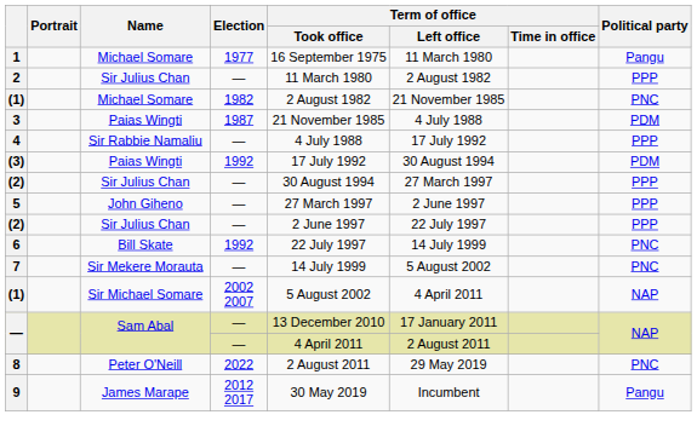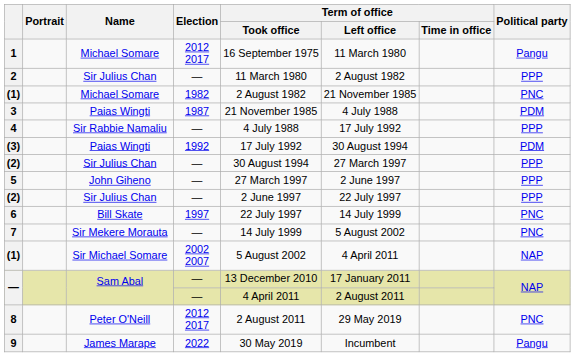 <table class="wikitable" style="text-align:center">
 <tr>
 <th rowspan=2></th>
 <th rowspan=2>Portrait</th>
 <th rowspan=2 width=150>Name<br></th>
 <th rowspan="2">Election</th>
 <th colspan="3">Term of office</th>
 <th rowspan=2>Political party</th>
 </tr>
 <tr>
 <th>Took office</th>
 <th>Left office</th>
 <th>Time in office</th>
 </tr>
 <tr>
 <th style="background:">1</th>
 <td></td>
 <td><a href='#'>Michael Somare</a><br></td>
-<td><a href='#'>1977</a></td>
+<td><a href='#'>2012</a><br><a href='#'>2017</a></td>
 <td>16 September 1975</td>
 <td>11 March 1980</td>
 <td></td>
 <td><a href='#'>Pangu</a></td>
 </tr>
 <tr>
 <th style="background:">2</th>
 <td></td>
 <td><a href='#'>Sir Julius Chan</a><br></td>
 <td>—</td>
 <td>11 March 1980</td>
 <td>2 August 1982</td>
 <td></td>
 <td><a href='#'>PPP</a></td>
 </tr>
 <tr>
 <th style="background:">(1)</th>
 <td></td>
 <td><a href='#'>Michael Somare</a><br></td>
 <td><a href='#'>1982</a></td>
 <td>2 August 1982</td>
 <td>21 November 1985</td>
 <td></td>
 <td><a href='#'>PNC</a></td>
 </tr>
 <tr>
 <th style="background:">3</th>
 <td></td>
 <td><a href='#'>Paias Wingti</a><br></td>
 <td><a href='#'>1987</a></td>
 <td>21 November 1985</td>
 <td>4 July 1988</td>
 <td></td>
 <td><a href='#'>PDM</a></td>
 </tr>
 <tr>
 <th style="background:">4</th>
 <td></td>
 <td><a href='#'>Sir Rabbie Namaliu</a><br></td>
 <td>—</td>
 <td>4 July 1988</td>
 <td>17 July 1992</td>
 <td></td>
 <td><a href='#'>PPP</a></td>
 </tr>
 <tr>
 <th style="background:">(3)</th>
 <td></td>
 <td><a href='#'>Paias Wingti</a><br></td>
 <td><a href='#'>1992</a></td>
 <td>17 July 1992</td>
 <td>30 August 1994</td>
 <td></td>
 <td><a href='#'>PDM</a></td>
 </tr>
 <tr>
 <th style="background:">(2)</th>
 <td></td>
 <td><a href='#'>Sir Julius Chan</a><br></td>
 <td>—</td>
 <td>30 August 1994</td>
 <td>27 March 1997</td>
 <td></td>
 <td><a href='#'>PPP</a></td>
 </tr>
 <tr>
 <th style="background:">5</th>
 <td></td>
 <td><a href='#'>John Giheno</a><br></td>
 <td>—</td>
 <td>27 March 1997</td>
 <td>2 June 1997</td>
 <td></td>
 <td><a href='#'>PPP</a></td>
 </tr>
 <tr>
 <th style="background:">(2)</th>
 <td></td>
 <td><a href='#'>Sir Julius Chan</a><br></td>
 <td>—</td>
 <td>2 June 1997</td>
 <td>22 July 1997</td>
 <td></td>
 <td><a href='#'>PPP</a></td>
 </tr>
 <tr>
 <th style="background:">6</th>
 <td></td>
 <td><a href='#'>Bill Skate</a><br></td>
-<td><a href='#'>1992</a></td>
+<td><a href='#'>1997</a></td>
 <td>22 July 1997</td>
 <td>14 July 1999</td>
 <td></td>
 <td><a href='#'>PNC</a></td>
 </tr>
 <tr>
 <th style="background:">7</th>
 <td></td>
 <td><a href='#'>Sir Mekere Morauta</a><br></td>
 <td>—</td>
 <td>14 July 1999</td>
 <td>5 August 2002</td>
 <td></td>
 <td><a href='#'>PNC</a></td>
 </tr>
 <tr>
 <th style="background:">(1)</th>
 <td></td>
 <td><a href='#'>Sir Michael Somare</a><br></td>
 <td><a href='#'>2002</a><br><a href='#'>2007</a></td>
 <td>5 August 2002</td>
 <td>4 April 2011</td>
 <td></td>
 <td><a href='#'>NAP</a></td>
 </tr>
 <tr style="background:#e6e6aa;">
 <th rowspan=2 style="background:">—</th>
 <td rowspan=2></td>
 <td rowspan=2><a href='#'>Sam Abal</a><br><br></td>
 <td>—</td>
 <td>13 December 2010</td>
 <td>17 January 2011</td>
 <td></td>
 <td rowspan=2><a href='#'>NAP</a></td>
 </tr>
 <tr>
 <td style="background:#e6e6aa;">—</td>
 <td style="background:#e6e6aa;">4 April 2011</td>
 <td style="background:#e6e6aa;">2 August 2011</td>
 <td style="background:#e6e6aa;"></td>
 </tr>
 <tr>
 <th style="background:">8</th>
 <td></td>
 <td><a href='#'>Peter O'Neill</a><br></td>
-<td><a href='#'>2022</a></td>
+<td><a href='#'>2012</a><br><a href='#'>2017</a></td>
 <td>2 August 2011</td>
 <td>29 May 2019</td>
 <td></td>
 <td><a href='#'>PNC</a></td>
 </tr>
 <tr>
 <th style="background:">9</th>
 <td></td>
 <td><a href='#'>James Marape</a><br></td>
-<td><a href='#'>2012</a><br><a href='#'>2017</a></td>
+<td><a href='#'>2022</a></td>
 <td>30 May 2019</td>
 <td>Incumbent</td>
 <td></td>
 <td><a href='#'>Pangu</a></td>
 </tr>
 </table>
